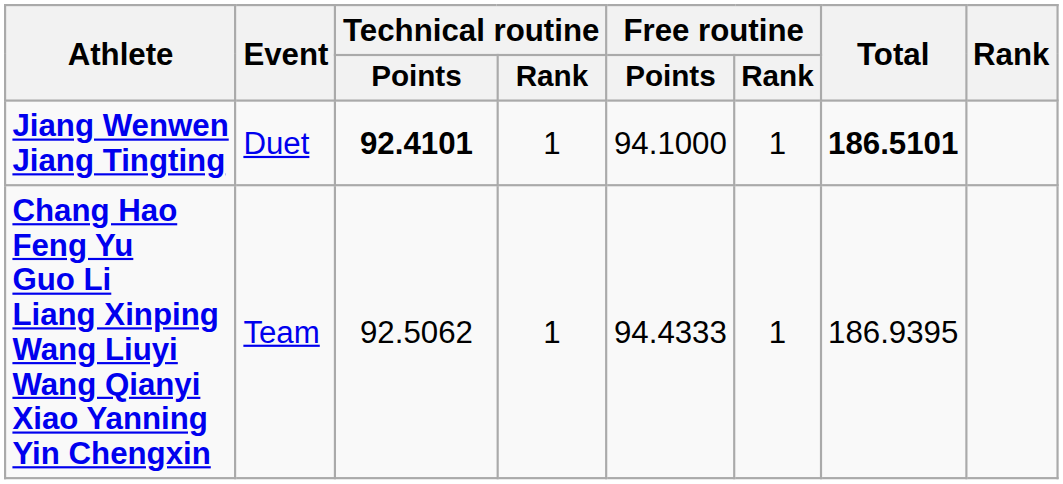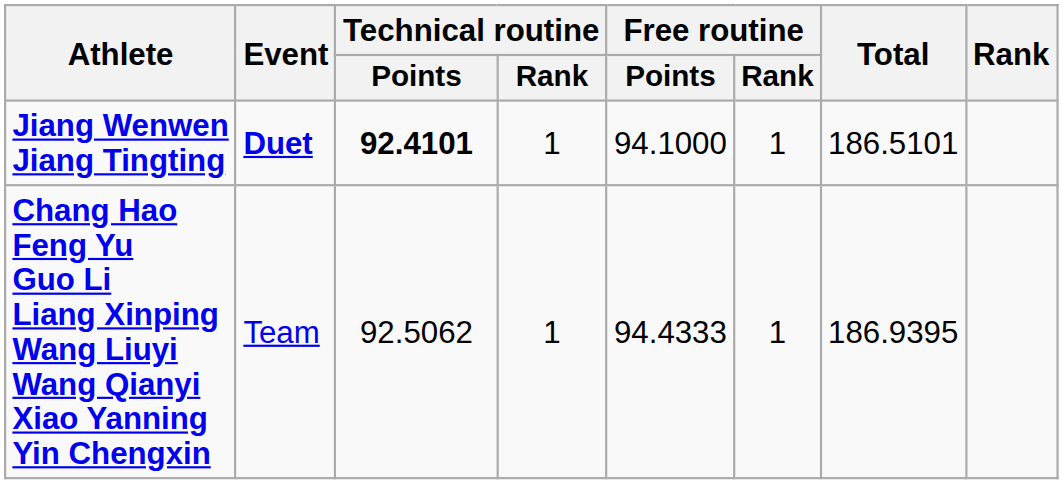 <table class=wikitable style=font-size:90%;text-align:center>
 <tr>
 <th rowspan="2">Athlete</th>
 <th rowspan="2">Event</th>
 <th colspan="2">Technical routine</th>
 <th colspan="2">Free routine</th>
 <th rowspan="2">Total</th>
 <th rowspan="2">Rank</th>
 </tr>
 <tr style="font-size:95%">
 <th>Points</th>
 <th>Rank</th>
 <th>Points</th>
 <th>Rank</th>
 </tr>
 <tr>
 <td align=left><strong><a href='#'>Jiang Wenwen</a><br><a href='#'>Jiang Tingting</a></strong></td>
-<td align=left><a href='#'>Duet</a></td>
+<td align=left><strong><a href='#'>Duet</a></strong></td>
 <td><strong>92.4101</strong></td>
 <td>1</td>
 <td>94.1000</td>
 <td>1</td>
-<td><strong>186.5101</strong></td>
+<td>186.5101</td>
 <td></td>
 </tr>
 <tr>
 <td align=left><strong><a href='#'>Chang Hao</a><br><a href='#'>Feng Yu</a><br><a href='#'>Guo Li</a><br><a href='#'>Liang Xinping</a><br><a href='#'>Wang Liuyi</a><br><a href='#'>Wang Qianyi</a><br><a href='#'>Xiao Yanning</a><br><a href='#'>Yin Chengxin</a></strong></td>
 <td align=left><a href='#'>Team</a></td>
 <td>92.5062</td>
 <td>1</td>
 <td>94.4333</td>
 <td>1</td>
 <td>186.9395</td>
 <td></td>
 </tr>
 </table>
